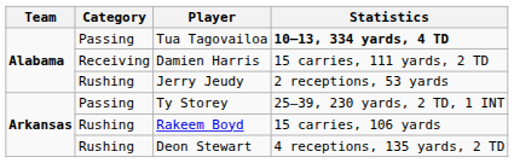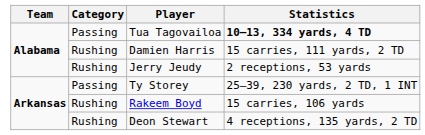 <table class="wikitable" style="float: right;">
 <tr>
 <th>Team</th>
 <th>Category</th>
 <th>Player</th>
 <th>Statistics</th>
 </tr>
 <tr>
 <td rowspan=3><strong>Alabama</strong></td>
 <td>Passing</td>
 <td>Tua Tagovailoa</td>
 <td><strong>10–13, 334 yards, 4 TD</strong></td>
 </tr>
 <tr>
-<td>Receiving</td>
+<td>Rushing</td>
 <td>Damien Harris</td>
 <td>15 carries, 111 yards, 2 TD</td>
 </tr>
 <tr>
 <td>Rushing</td>
 <td>Jerry Jeudy</td>
 <td>2 receptions, 53 yards</td>
 </tr>
 <tr>
 <td rowspan=3><strong>Arkansas</strong></td>
 <td>Passing</td>
 <td>Ty Storey</td>
 <td>25–39, 230 yards, 2 TD, 1 INT</td>
 </tr>
 <tr>
 <td>Rushing</td>
 <td><a href='#'>Rakeem Boyd</a></td>
 <td>15 carries, 106 yards</td>
 </tr>
 <tr>
 <td>Rushing</td>
 <td>Deon Stewart</td>
 <td>4 receptions, 135 yards, 2 TD</td>
 </tr>
 </table>
